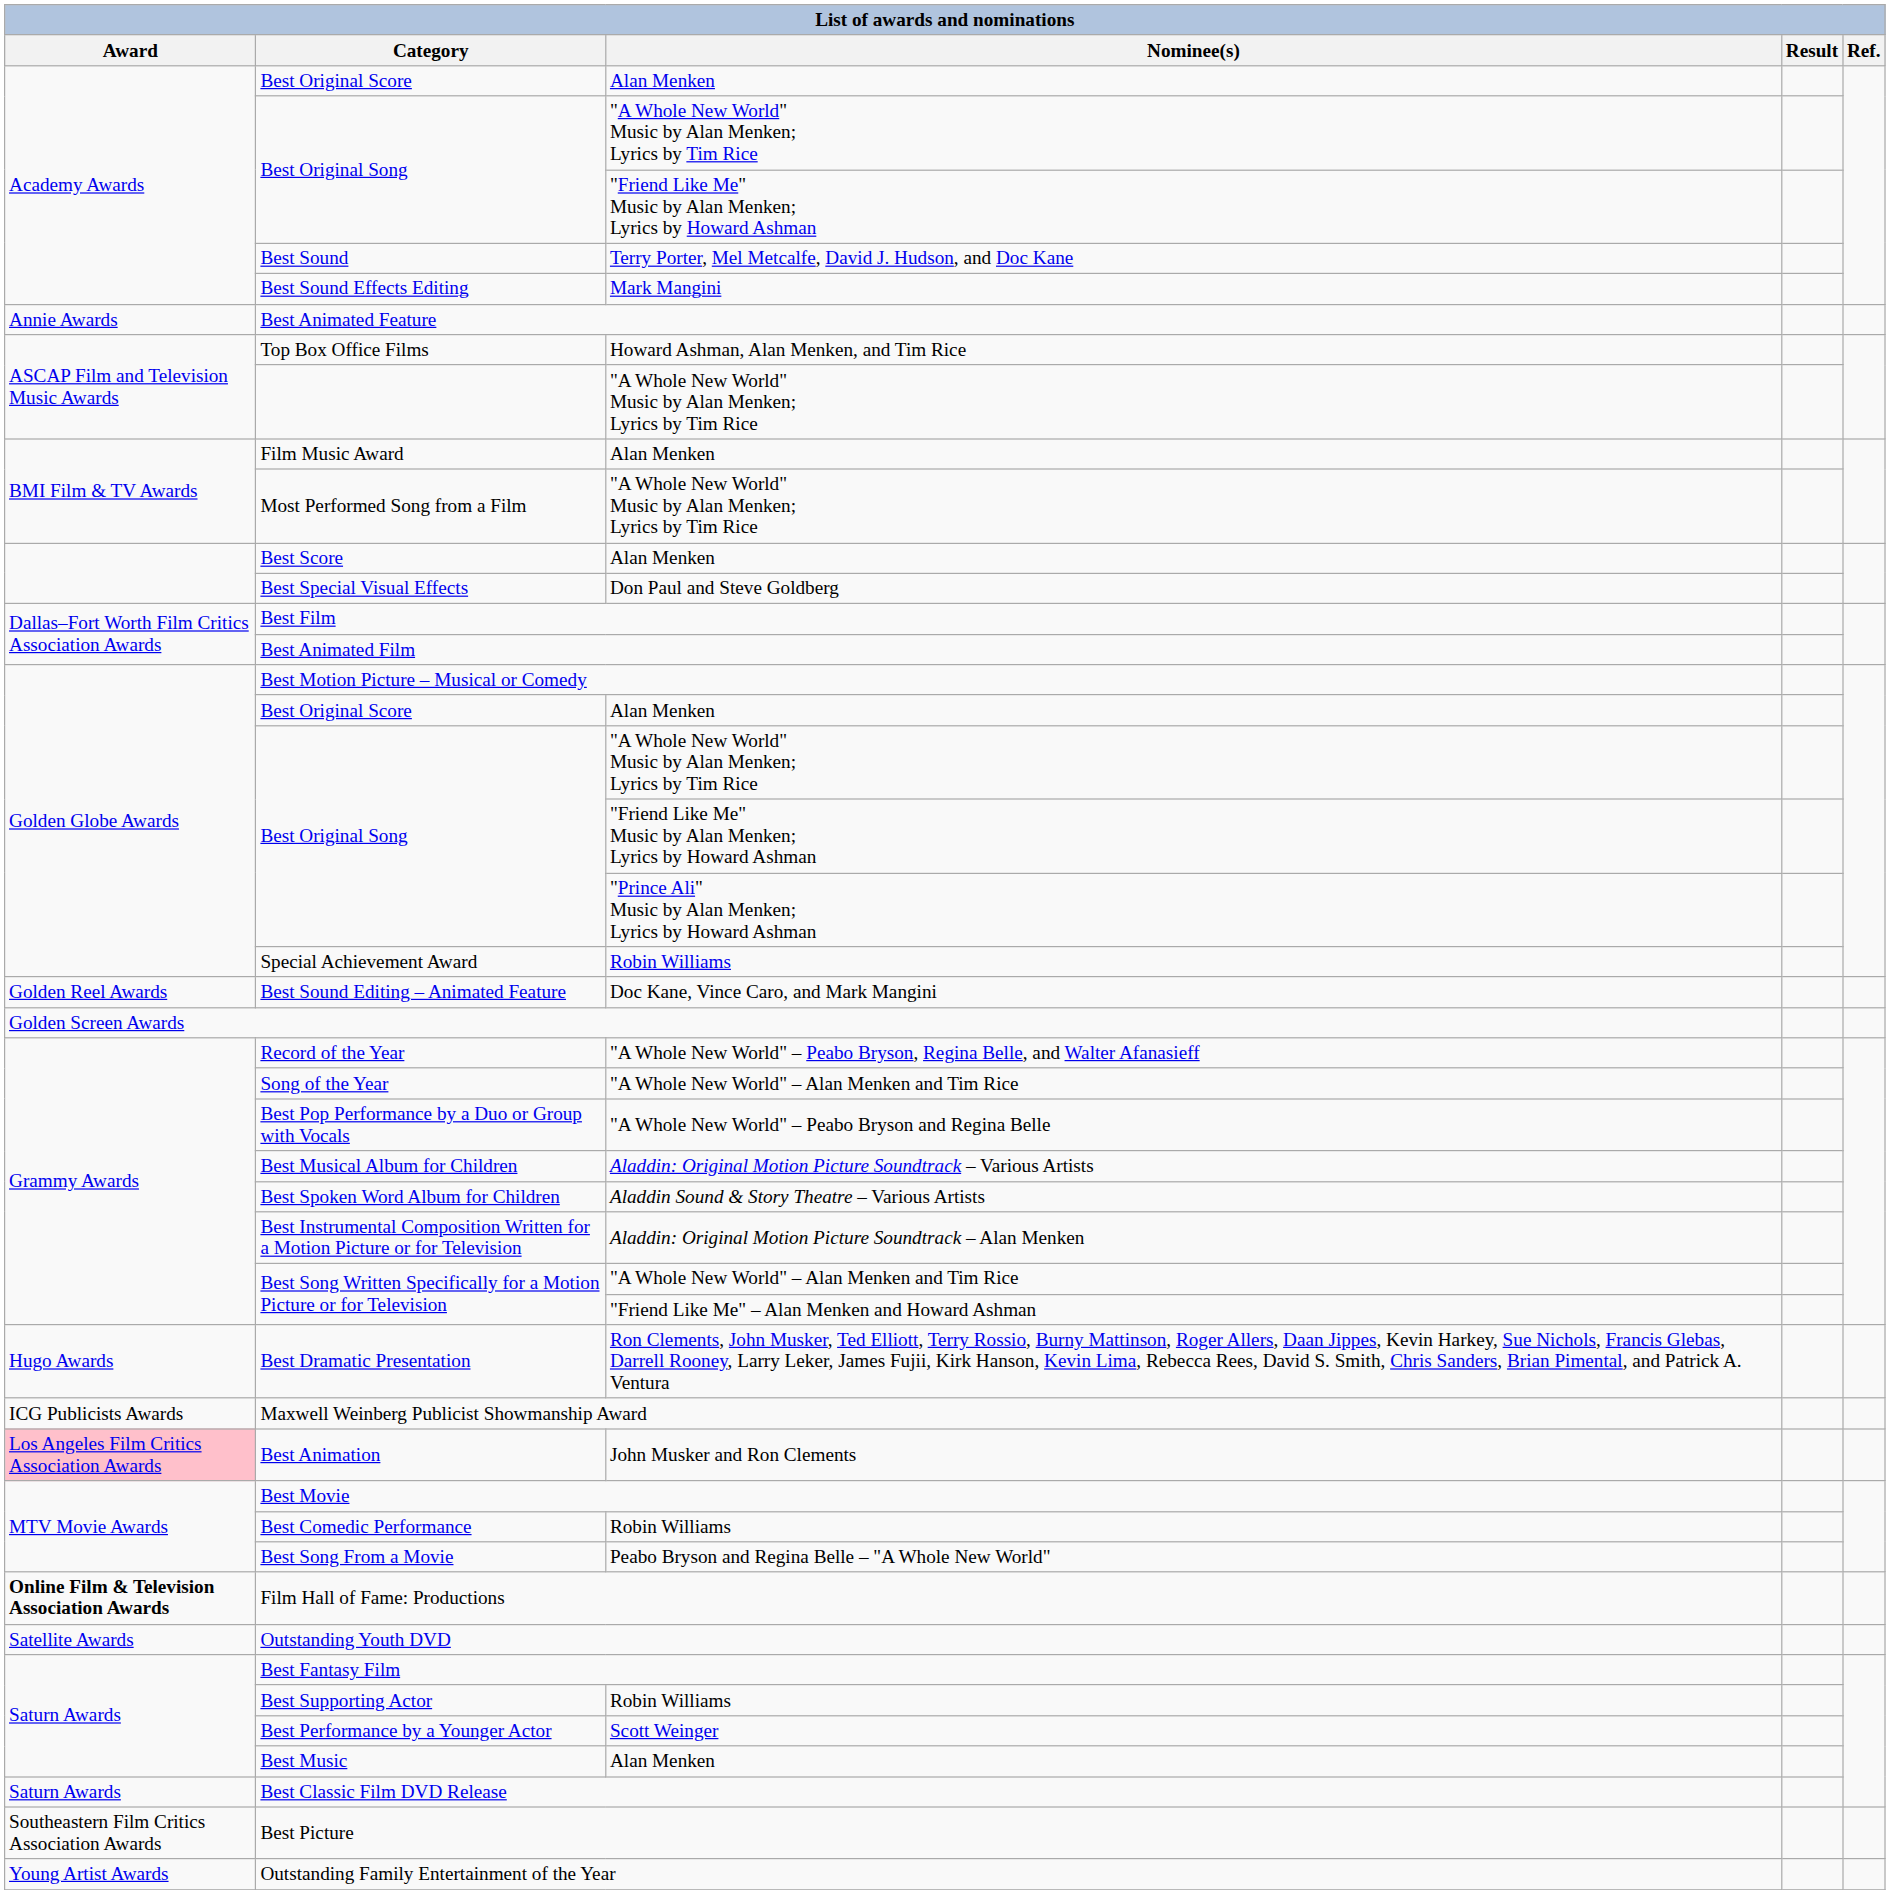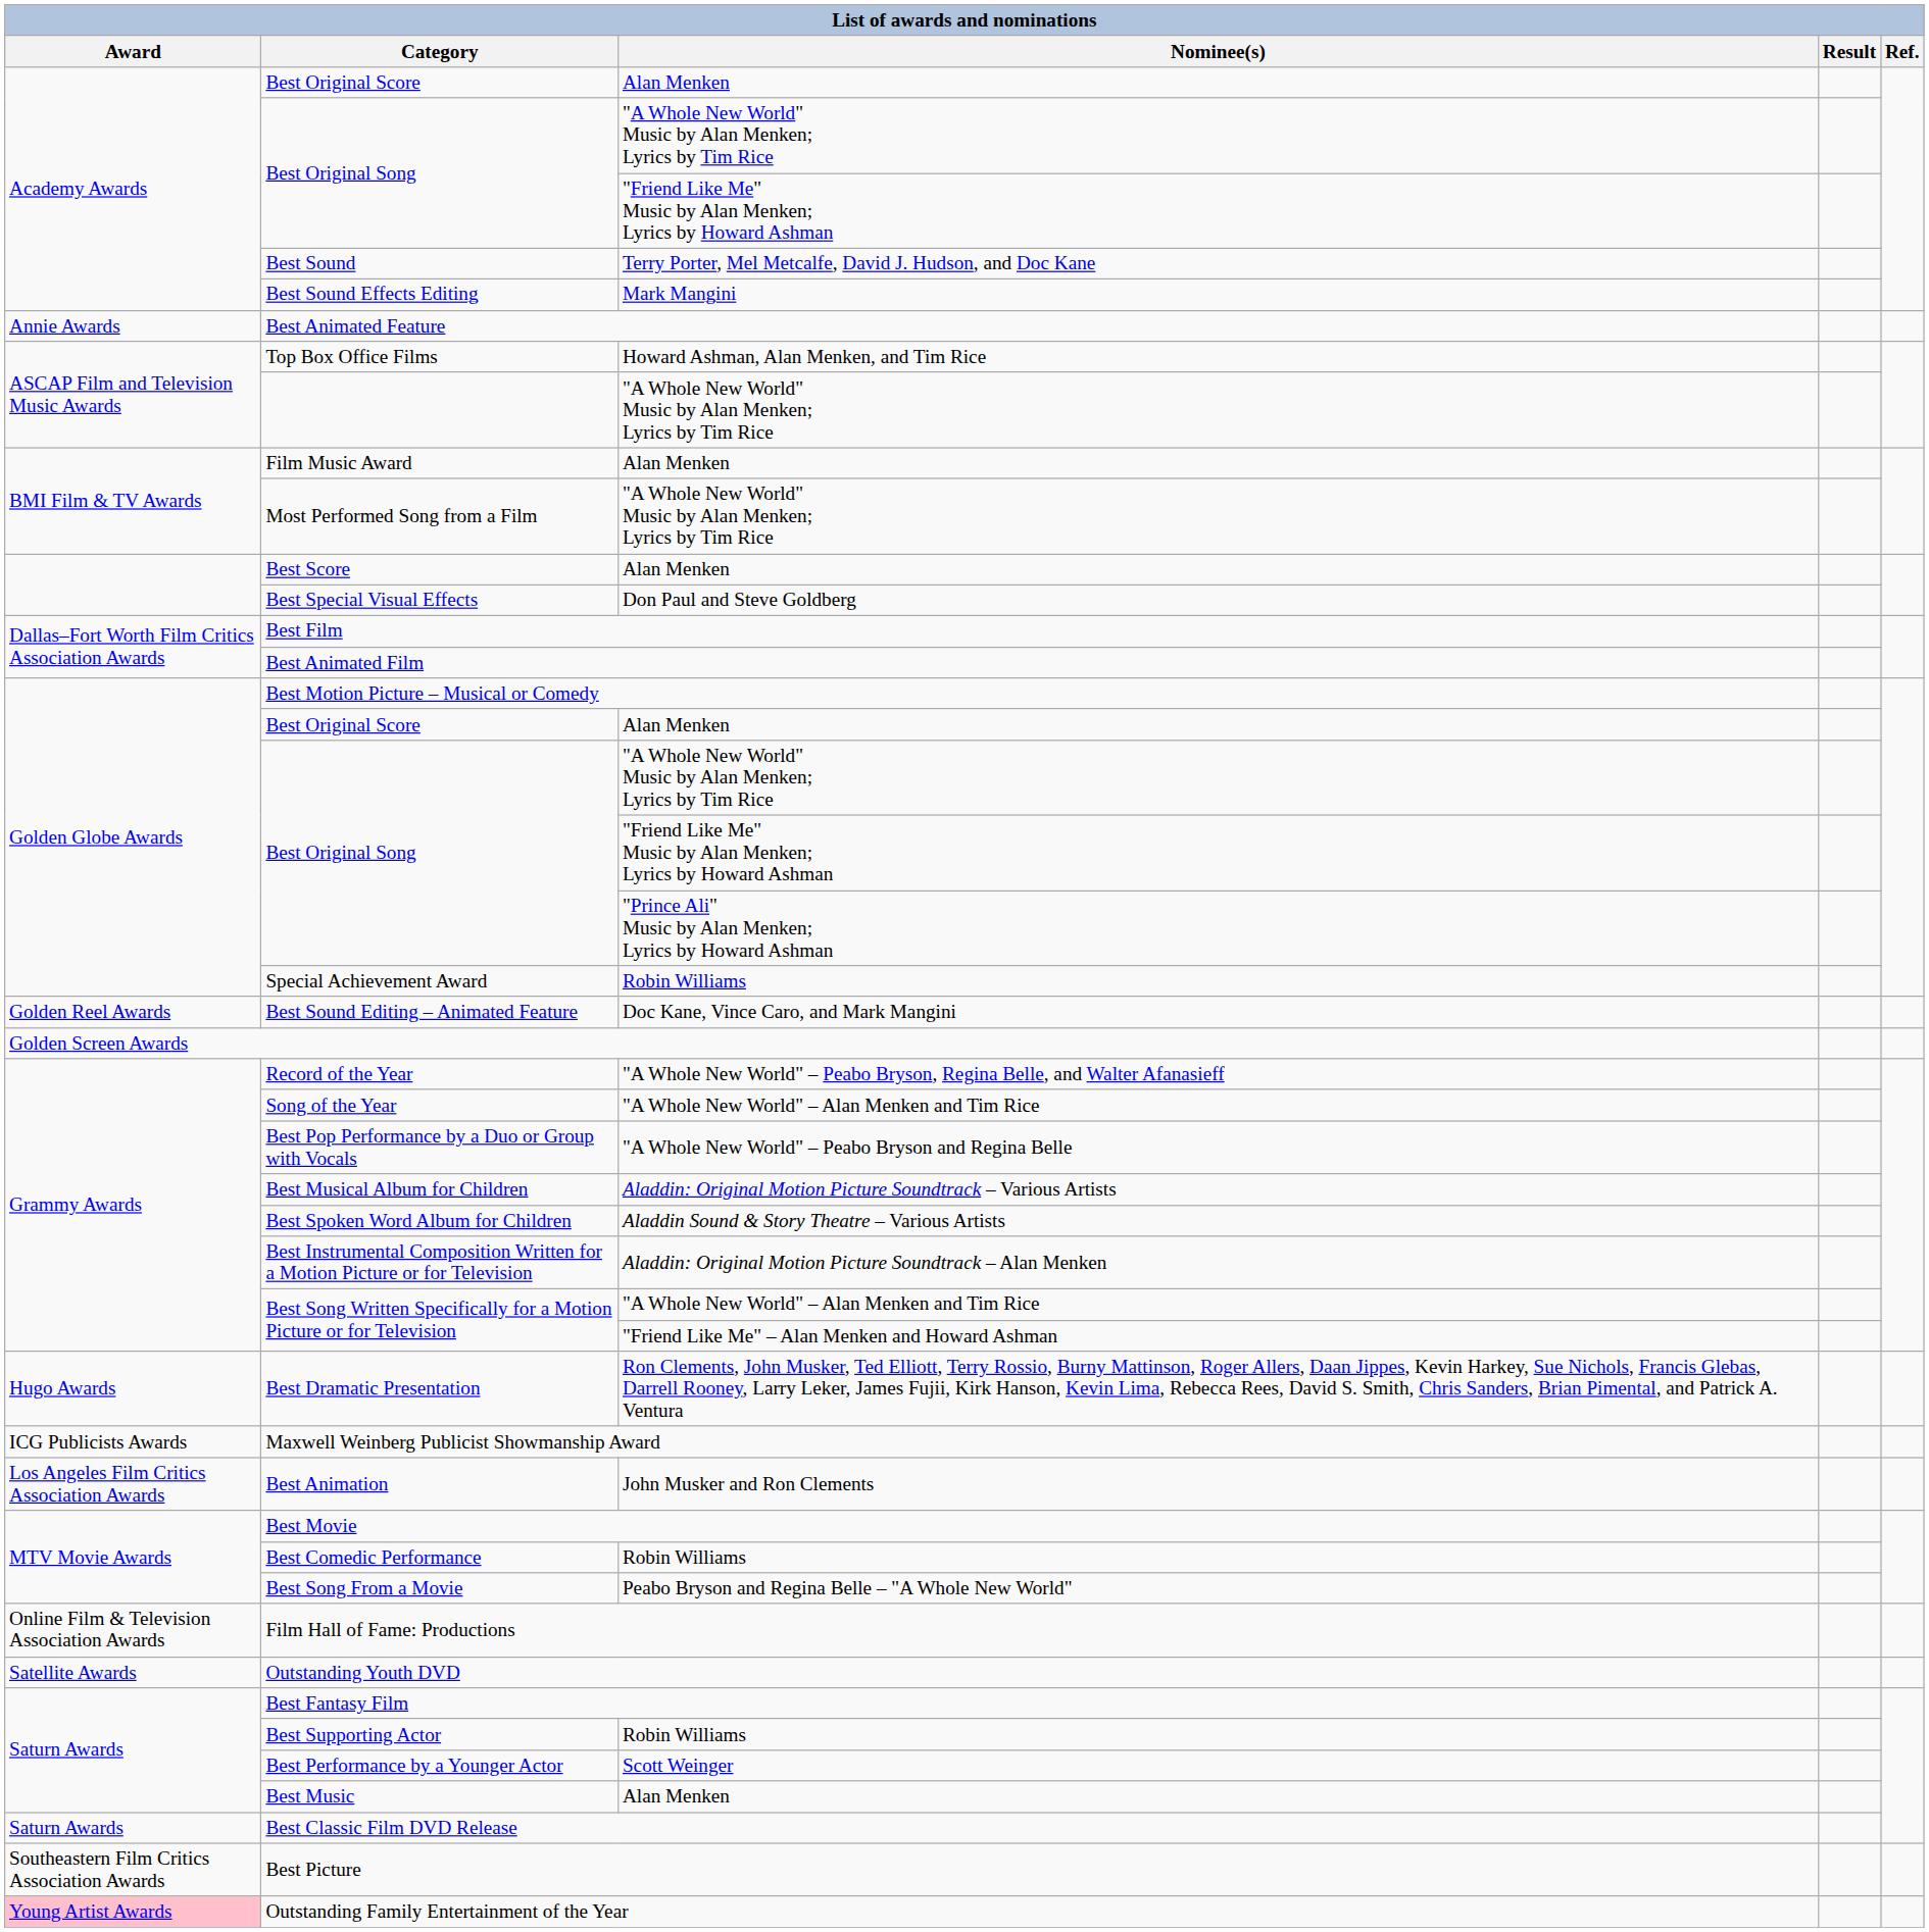 <table class="wikitable plainrowheaders">
 <tr style="background:#ccc; text-align:center;">
 <th colspan="6" style="background: LightSteelBlue;">List of awards and nominations</th>
 </tr>
 <tr style="background:#ccc; text-align:center;">
 <th>Award</th>
 <th>Category</th>
 <th>Nominee(s)</th>
 <th>Result</th>
 <th>Ref.</th>
 </tr>
 <tr>
 <td rowspan="5"><a href='#'>Academy Awards</a></td>
 <td><a href='#'>Best Original Score</a></td>
 <td><a href='#'>Alan Menken</a></td>
 <td></td>
 <td rowspan="5" align="center"></td>
 </tr>
 <tr>
 <td rowspan="2"><a href='#'>Best Original Song</a></td>
 <td>"<a href='#'>A Whole New World</a>" <br> Music by Alan Menken; <br> Lyrics by <a href='#'>Tim Rice</a></td>
 <td></td>
 </tr>
 <tr>
 <td>"<a href='#'>Friend Like Me</a>" <br> Music by Alan Menken; <br> Lyrics by <a href='#'>Howard Ashman</a></td>
 <td></td>
 </tr>
 <tr>
 <td><a href='#'>Best Sound</a></td>
 <td><a href='#'>Terry Porter</a>, <a href='#'>Mel Metcalfe</a>, <a href='#'>David J. Hudson</a>, and <a href='#'>Doc Kane</a></td>
 <td></td>
 </tr>
 <tr>
 <td><a href='#'>Best Sound Effects Editing</a></td>
 <td><a href='#'>Mark Mangini</a></td>
 <td></td>
 </tr>
 <tr>
 <td><a href='#'>Annie Awards</a></td>
 <td colspan="2"><a href='#'>Best Animated Feature</a></td>
 <td></td>
 <td align="center"></td>
 </tr>
 <tr>
 <td rowspan="2"><a href='#'>ASCAP Film and Television Music Awards</a></td>
 <td>Top Box Office Films</td>
 <td>Howard Ashman, Alan Menken, and Tim Rice</td>
 <td></td>
 <td rowspan="2" align="center"></td>
 </tr>
 <tr>
 <td></td>
 <td>"A Whole New World" <br> Music by Alan Menken; <br> Lyrics by Tim Rice</td>
 <td></td>
 </tr>
 <tr>
 <td rowspan="2"><a href='#'>BMI Film & TV Awards</a></td>
 <td>Film Music Award</td>
 <td>Alan Menken</td>
 <td></td>
 <td rowspan="2" align="center"></td>
 </tr>
 <tr>
 <td>Most Performed Song from a Film</td>
 <td>"A Whole New World" <br> Music by Alan Menken; <br> Lyrics by Tim Rice</td>
 <td></td>
 </tr>
 <tr>
 <td rowspan="2"></td>
 <td><a href='#'>Best Score</a></td>
 <td>Alan Menken</td>
 <td></td>
 <td rowspan="2" align="center"></td>
 </tr>
 <tr>
 <td><a href='#'>Best Special Visual Effects</a></td>
 <td>Don Paul and Steve Goldberg</td>
 <td></td>
 </tr>
 <tr>
 <td rowspan="2"><a href='#'>Dallas–Fort Worth Film Critics Association Awards</a></td>
 <td colspan="2"><a href='#'>Best Film</a></td>
 <td></td>
 <td rowspan="2" align="center"></td>
 </tr>
 <tr>
 <td colspan="2"><a href='#'>Best Animated Film</a></td>
 <td></td>
 </tr>
 <tr>
 <td rowspan="6"><a href='#'>Golden Globe Awards</a></td>
 <td colspan="2"><a href='#'>Best Motion Picture – Musical or Comedy</a></td>
 <td></td>
 <td rowspan="6" align="center"></td>
 </tr>
 <tr>
 <td><a href='#'>Best Original Score</a></td>
 <td>Alan Menken</td>
 <td></td>
 </tr>
 <tr>
 <td rowspan="3"><a href='#'>Best Original Song</a></td>
 <td>"A Whole New World" <br> Music by Alan Menken; <br> Lyrics by Tim Rice</td>
 <td></td>
 </tr>
 <tr>
 <td>"Friend Like Me" <br> Music by Alan Menken; <br> Lyrics by Howard Ashman</td>
 <td></td>
 </tr>
 <tr>
 <td>"<a href='#'>Prince Ali</a>" <br> Music by Alan Menken; <br> Lyrics by Howard Ashman</td>
 <td></td>
 </tr>
 <tr>
 <td>Special Achievement Award</td>
 <td><a href='#'>Robin Williams</a></td>
 <td></td>
 </tr>
 <tr>
 <td><a href='#'>Golden Reel Awards</a></td>
 <td><a href='#'>Best Sound Editing – Animated Feature</a></td>
 <td>Doc Kane, Vince Caro, and Mark Mangini</td>
 <td></td>
 <td align="center"></td>
 </tr>
 <tr>
 <td colspan="3"><a href='#'>Golden Screen Awards</a></td>
 <td></td>
 <td align="center"></td>
 </tr>
 <tr>
 <td rowspan="8"><a href='#'>Grammy Awards</a></td>
 <td><a href='#'>Record of the Year</a></td>
 <td>"A Whole New World" – <a href='#'>Peabo Bryson</a>, <a href='#'>Regina Belle</a>, and <a href='#'>Walter Afanasieff</a></td>
 <td></td>
 <td rowspan="8" align="center"></td>
 </tr>
 <tr>
 <td><a href='#'>Song of the Year</a></td>
 <td>"A Whole New World" – Alan Menken and Tim Rice</td>
 <td></td>
 </tr>
 <tr>
 <td><a href='#'>Best Pop Performance by a Duo or Group with Vocals</a></td>
 <td>"A Whole New World" – Peabo Bryson and Regina Belle</td>
 <td></td>
 </tr>
 <tr>
 <td><a href='#'>Best Musical Album for Children</a></td>
 <td><em><a href='#'>Aladdin: Original Motion Picture Soundtrack</a></em> – Various Artists</td>
 <td></td>
 </tr>
 <tr>
 <td><a href='#'>Best Spoken Word Album for Children</a></td>
 <td><em>Aladdin Sound & Story Theatre</em> – Various Artists</td>
 <td></td>
 </tr>
 <tr>
 <td><a href='#'>Best Instrumental Composition Written for a Motion Picture or for Television</a></td>
 <td><em>Aladdin: Original Motion Picture Soundtrack</em> – Alan Menken</td>
 <td></td>
 </tr>
 <tr>
 <td rowspan="2"><a href='#'>Best Song Written Specifically for a Motion Picture or for Television</a></td>
 <td>"A Whole New World" – Alan Menken and Tim Rice</td>
 <td></td>
 </tr>
 <tr>
 <td>"Friend Like Me" – Alan Menken and Howard Ashman</td>
 <td></td>
 </tr>
 <tr>
 <td><a href='#'>Hugo Awards</a></td>
 <td><a href='#'>Best Dramatic Presentation</a></td>
 <td><a href='#'>Ron Clements</a>, <a href='#'>John Musker</a>, <a href='#'>Ted Elliott</a>, <a href='#'>Terry Rossio</a>, <a href='#'>Burny Mattinson</a>, <a href='#'>Roger Allers</a>, <a href='#'>Daan Jippes</a>, Kevin Harkey, <a href='#'>Sue Nichols</a>, <a href='#'>Francis Glebas</a>, <a href='#'>Darrell Rooney</a>, Larry Leker, James Fujii, Kirk Hanson, <a href='#'>Kevin Lima</a>, Rebecca Rees, David S. Smith, <a href='#'>Chris Sanders</a>, <a href='#'>Brian Pimental</a>, and Patrick A. Ventura</td>
 <td></td>
 <td align="center"></td>
 </tr>
 <tr>
 <td>ICG Publicists Awards</td>
 <td colspan="2">Maxwell Weinberg Publicist Showmanship Award</td>
 <td></td>
 <td align="center"></td>
 </tr>
 <tr>
-<td style="background: pink;"><a href='#'>Los Angeles Film Critics Association Awards</a></td>
+<td><a href='#'>Los Angeles Film Critics Association Awards</a></td>
 <td><a href='#'>Best Animation</a></td>
 <td>John Musker and Ron Clements</td>
 <td></td>
 <td align="center"></td>
 </tr>
 <tr>
 <td rowspan="3"><a href='#'>MTV Movie Awards</a></td>
 <td colspan="2"><a href='#'>Best Movie</a></td>
 <td></td>
 <td rowspan="3" align="center"></td>
 </tr>
 <tr>
 <td><a href='#'>Best Comedic Performance</a></td>
 <td>Robin Williams</td>
 <td></td>
 </tr>
 <tr>
 <td><a href='#'>Best Song From a Movie</a></td>
 <td>Peabo Bryson and Regina Belle – "A Whole New World"</td>
 <td></td>
 </tr>
 <tr>
-<td><strong>Online Film & Television Association Awards</strong></td>
+<td>Online Film & Television Association Awards</td>
 <td colspan="2">Film Hall of Fame: Productions</td>
 <td></td>
 <td align="center"></td>
 </tr>
 <tr>
 <td><a href='#'>Satellite Awards</a></td>
 <td colspan="2"><a href='#'>Outstanding Youth DVD</a></td>
 <td></td>
 <td align="center"></td>
 </tr>
 <tr>
 <td rowspan="4"><a href='#'>Saturn Awards</a> </td>
 <td colspan="2"><a href='#'>Best Fantasy Film</a></td>
 <td></td>
 <td rowspan="5" align="center"></td>
 </tr>
 <tr>
 <td><a href='#'>Best Supporting Actor</a></td>
 <td>Robin Williams</td>
 <td></td>
 </tr>
 <tr>
 <td><a href='#'>Best Performance by a Younger Actor</a></td>
 <td><a href='#'>Scott Weinger</a></td>
 <td></td>
 </tr>
 <tr>
 <td><a href='#'>Best Music</a></td>
 <td>Alan Menken</td>
 <td></td>
 </tr>
 <tr>
 <td><a href='#'>Saturn Awards</a> </td>
 <td colspan="2"><a href='#'>Best Classic Film DVD Release</a></td>
 <td></td>
 </tr>
 <tr>
 <td>Southeastern Film Critics Association Awards</td>
 <td colspan="2">Best Picture</td>
 <td></td>
 <td align="center"></td>
 </tr>
 <tr>
-<td><a href='#'>Young Artist Awards</a></td>
+<td style="background: pink;"><a href='#'>Young Artist Awards</a></td>
 <td colspan="2">Outstanding Family Entertainment of the Year</td>
 <td></td>
 <td align="center"></td>
 </tr>
 </table>
